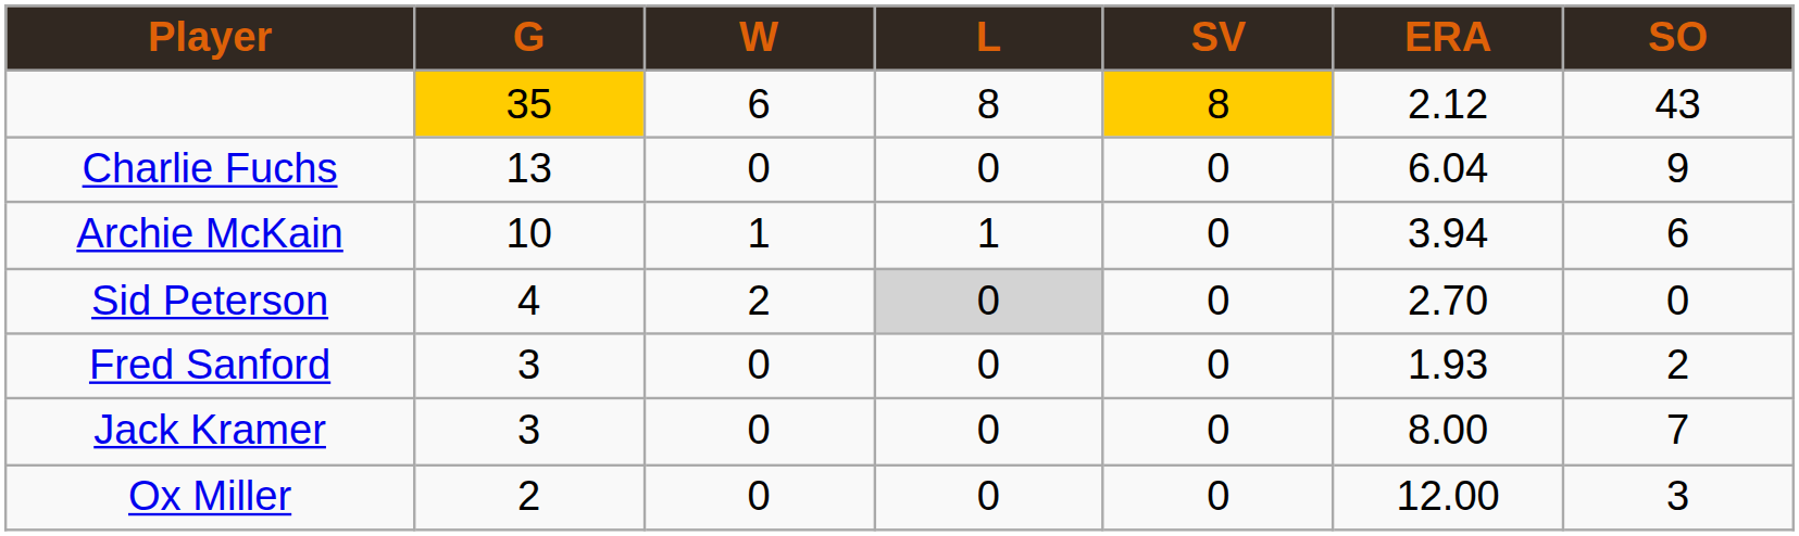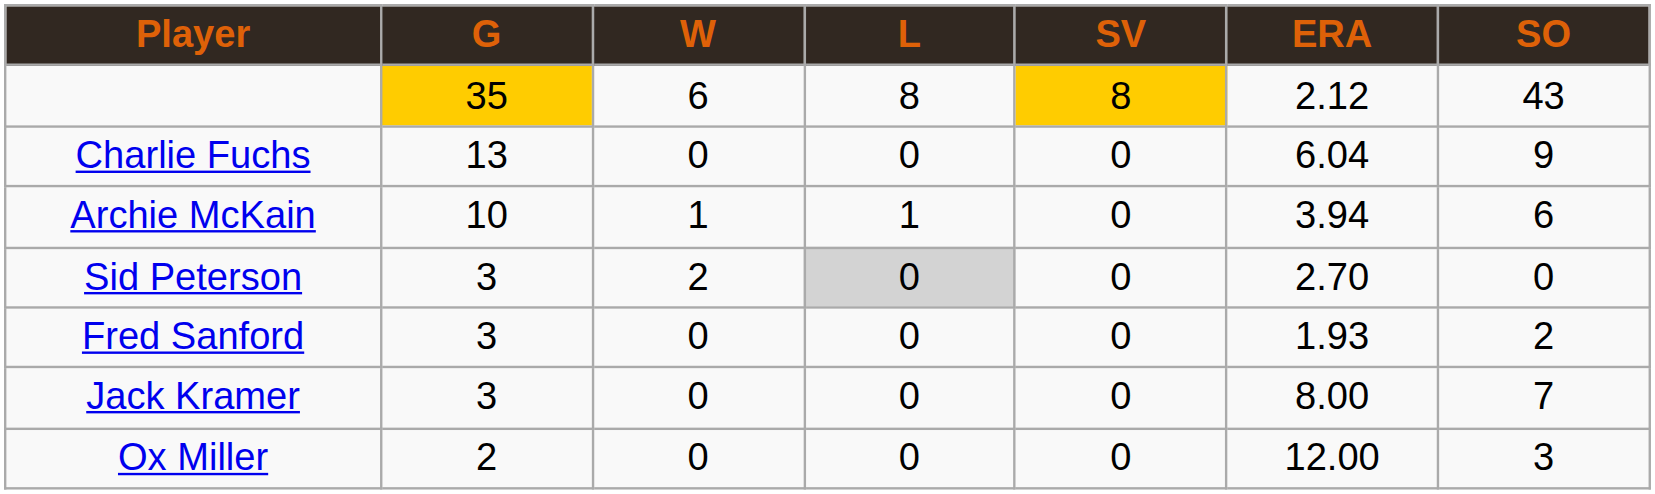 <table class="wikitable sortable">
 <tr>
 <th style="background:#312821;color:#de6108;" width="16%">Player</th>
 <th style="background:#312821;color:#de6108;" width="9%">G</th>
 <th style="background:#312821;color:#de6108;" width="9%">W</th>
 <th style="background:#312821;color:#de6108;" width="9%">L</th>
 <th style="background:#312821;color:#de6108;" width="9%">SV</th>
 <th style="background:#312821;color:#de6108;" width="9%">ERA</th>
 <th style="background:#312821;color:#de6108;" width="9%">SO</th>
 </tr>
 <tr align="center">
 <td></td>
 <td style="background:#fc0;">35</td>
 <td>6</td>
 <td>8</td>
 <td style="background:#fc0;">8</td>
 <td>2.12</td>
 <td>43</td>
 </tr>
 <tr align="center">
 <td><a href='#'>Charlie Fuchs</a></td>
 <td>13</td>
 <td>0</td>
 <td>0</td>
 <td>0</td>
 <td>6.04</td>
 <td>9</td>
 </tr>
 <tr align="center">
 <td><a href='#'>Archie McKain</a></td>
 <td>10</td>
 <td>1</td>
 <td>1</td>
 <td>0</td>
 <td>3.94</td>
 <td>6</td>
 </tr>
 <tr align="center">
 <td><a href='#'>Sid Peterson</a></td>
-<td>4</td>
+<td>3</td>
 <td>2</td>
 <td style="background: lightgrey;">0</td>
 <td>0</td>
 <td>2.70</td>
 <td>0</td>
 </tr>
 <tr align="center">
 <td><a href='#'>Fred Sanford</a></td>
 <td>3</td>
 <td>0</td>
 <td>0</td>
 <td>0</td>
 <td>1.93</td>
 <td>2</td>
 </tr>
 <tr align="center">
 <td><a href='#'>Jack Kramer</a></td>
 <td>3</td>
 <td>0</td>
 <td>0</td>
 <td>0</td>
 <td>8.00</td>
 <td>7</td>
 </tr>
 <tr align="center">
 <td><a href='#'>Ox Miller</a></td>
 <td>2</td>
 <td>0</td>
 <td>0</td>
 <td>0</td>
 <td>12.00</td>
 <td>3</td>
 </tr>
 </table>
